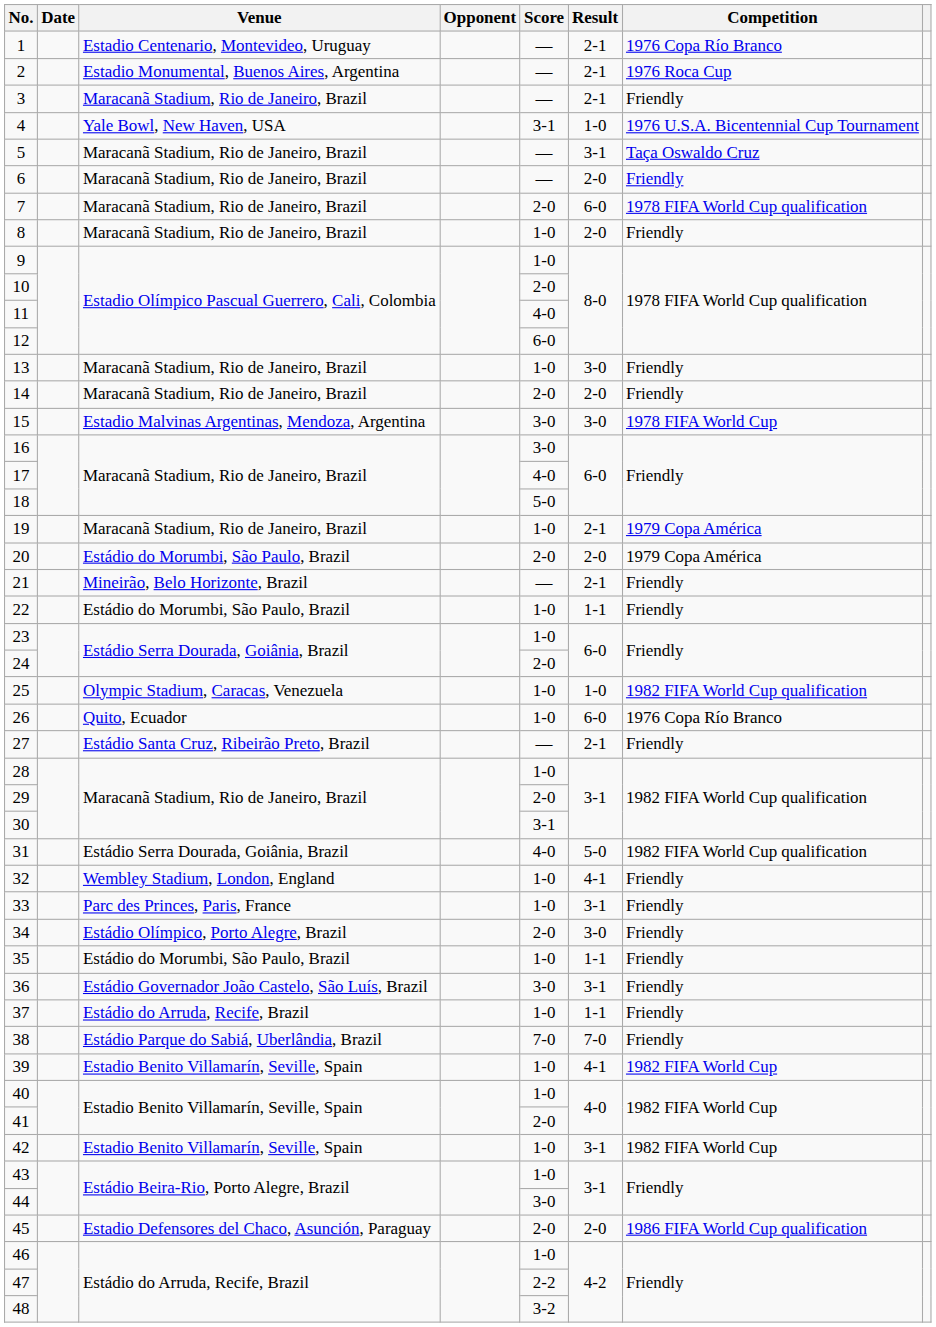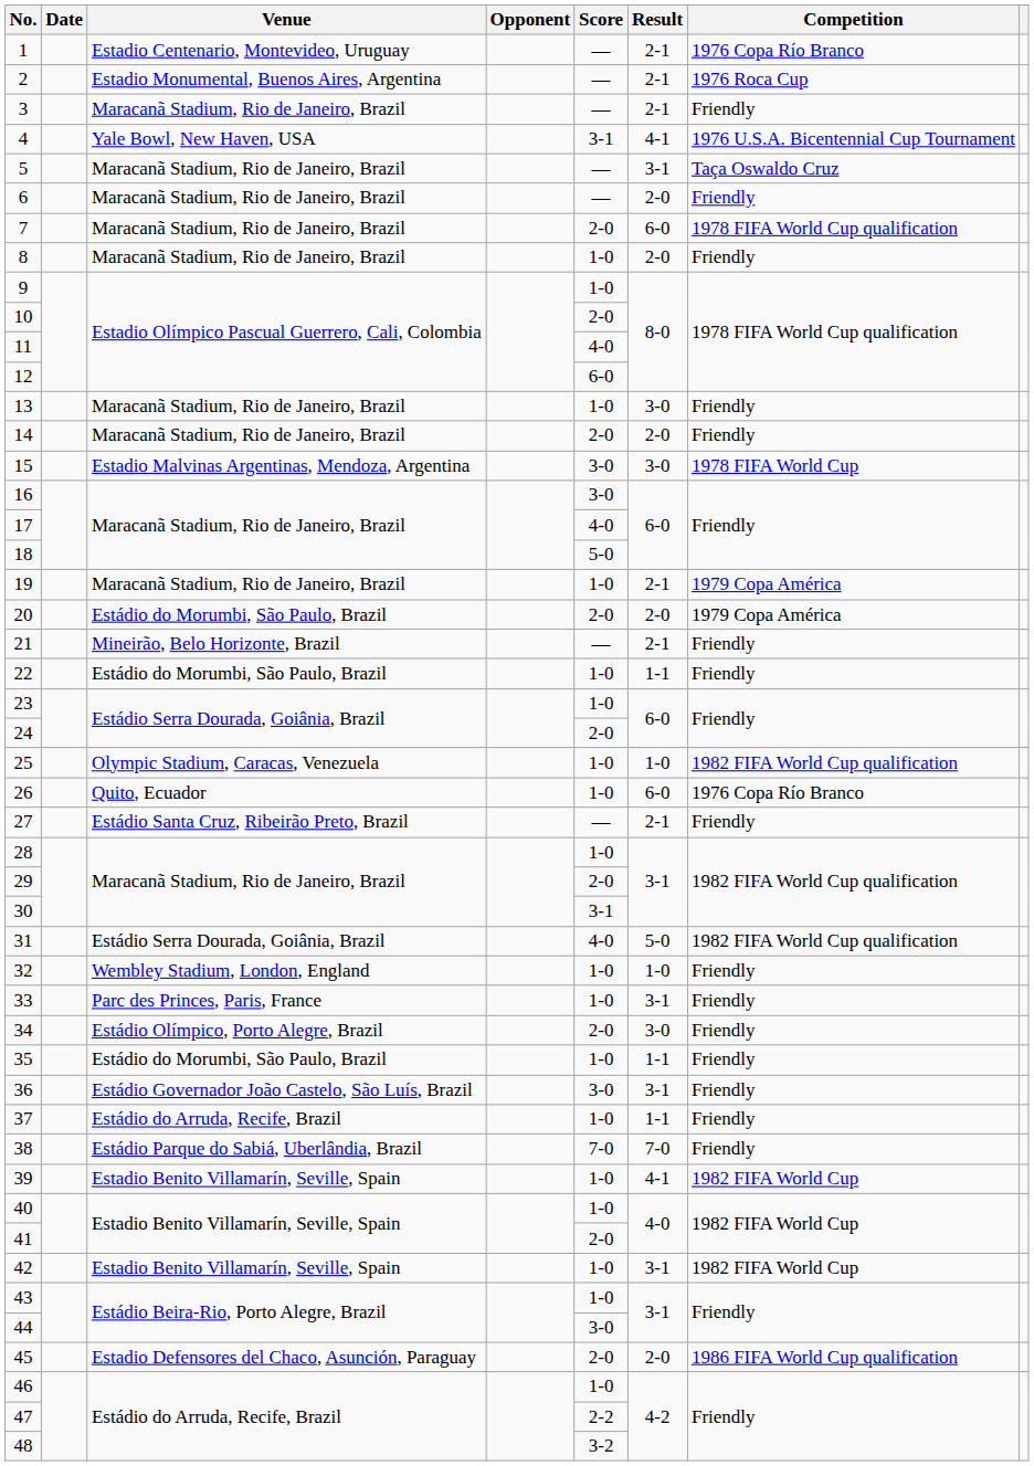 <table class="wikitable sortable">
 <tr>
 <th scope="col">No.</th>
 <th scope="col">Date</th>
 <th scope="col">Venue</th>
 <th scope="col">Opponent</th>
 <th scope="col">Score</th>
 <th scope="col">Result</th>
 <th scope="col">Competition</th>
 <th scope="col" class="unsortable"></th>
 </tr>
 <tr>
 <td style="text-align:center">1</td>
 <td></td>
 <td><a href='#'>Estadio Centenario</a>, <a href='#'>Montevideo</a>, Uruguay</td>
 <td></td>
 <td style="text-align:center">—</td>
 <td style="text-align:center">2-1</td>
 <td><a href='#'>1976 Copa Río Branco</a></td>
 <td></td>
 </tr>
 <tr>
 <td style="text-align:center">2</td>
 <td></td>
 <td><a href='#'>	 Estadio Monumental</a>, <a href='#'>Buenos Aires</a>, Argentina</td>
 <td></td>
 <td style="text-align:center">—</td>
 <td style="text-align:center">2-1</td>
 <td><a href='#'>1976 Roca Cup</a></td>
 <td></td>
 </tr>
 <tr>
 <td style="text-align:center">3</td>
 <td></td>
 <td><a href='#'>Maracanã Stadium</a>, <a href='#'>Rio de Janeiro</a>, Brazil</td>
 <td></td>
 <td style="text-align:center">—</td>
 <td style="text-align:center">2-1</td>
 <td>Friendly</td>
 <td></td>
 </tr>
 <tr>
 <td style="text-align:center">4</td>
 <td></td>
 <td><a href='#'>Yale Bowl</a>, <a href='#'>New Haven</a>, USA</td>
 <td></td>
 <td style="text-align:center">3-1</td>
-<td style="text-align:center">1-0</td>
+<td style="text-align:center">4-1</td>
 <td><a href='#'>1976 U.S.A. Bicentennial Cup Tournament</a></td>
 <td></td>
 </tr>
 <tr>
 <td style="text-align:center">5</td>
 <td></td>
 <td>Maracanã Stadium, Rio de Janeiro, Brazil</td>
 <td></td>
 <td style="text-align:center">—</td>
 <td style="text-align:center">3-1</td>
 <td><a href='#'>Taça Oswaldo Cruz</a></td>
 <td></td>
 </tr>
 <tr>
 <td style="text-align:center">6</td>
 <td></td>
 <td>Maracanã Stadium, Rio de Janeiro, Brazil</td>
 <td></td>
 <td style="text-align:center">—</td>
 <td style="text-align:center">2-0</td>
 <td><a href='#'>Friendly</a></td>
 <td></td>
 </tr>
 <tr>
 <td style="text-align:center">7</td>
 <td></td>
 <td>Maracanã Stadium, Rio de Janeiro, Brazil</td>
 <td></td>
 <td style="text-align:center">2-0</td>
 <td style="text-align:center">6-0</td>
 <td><a href='#'>1978 FIFA World Cup qualification</a></td>
 <td></td>
 </tr>
 <tr>
 <td style="text-align:center">8</td>
 <td></td>
 <td>Maracanã Stadium, Rio de Janeiro, Brazil</td>
 <td></td>
 <td style="text-align:center">1-0</td>
 <td style="text-align:center">2-0</td>
 <td>Friendly</td>
 <td></td>
 </tr>
 <tr>
 <td style="text-align:center">9</td>
 <td rowspan="4"></td>
 <td rowspan="4"><a href='#'>Estadio Olímpico Pascual Guerrero</a>, <a href='#'>Cali</a>, Colombia</td>
 <td rowspan="4"></td>
 <td style="text-align:center">1-0</td>
 <td rowspan="4" style="text-align:center">8-0</td>
 <td rowspan="4">1978 FIFA World Cup qualification</td>
 <td rowspan="4"></td>
 </tr>
 <tr>
 <td style="text-align:center">10</td>
 <td style="text-align:center">2-0</td>
 </tr>
 <tr>
 <td style="text-align:center">11</td>
 <td style="text-align:center">4-0</td>
 </tr>
 <tr>
 <td style="text-align:center">12</td>
 <td style="text-align:center">6-0</td>
 </tr>
 <tr>
 <td style="text-align:center">13</td>
 <td></td>
 <td>Maracanã Stadium, Rio de Janeiro, Brazil</td>
 <td></td>
 <td style="text-align:center">1-0</td>
 <td style="text-align:center">3-0</td>
 <td>Friendly</td>
 <td></td>
 </tr>
 <tr>
 <td style="text-align:center">14</td>
 <td></td>
 <td>Maracanã Stadium, Rio de Janeiro, Brazil</td>
 <td></td>
 <td style="text-align:center">2-0</td>
 <td style="text-align:center">2-0</td>
 <td>Friendly</td>
 <td></td>
 </tr>
 <tr>
 <td style="text-align:center">15</td>
 <td></td>
 <td><a href='#'>Estadio Malvinas Argentinas</a>, <a href='#'>Mendoza</a>, Argentina</td>
 <td></td>
 <td style="text-align:center">3-0</td>
 <td style="text-align:center">3-0</td>
 <td><a href='#'>1978 FIFA World Cup</a></td>
 <td></td>
 </tr>
 <tr>
 <td style="text-align:center">16</td>
 <td rowspan="3"></td>
 <td rowspan="3">Maracanã Stadium, Rio de Janeiro, Brazil</td>
 <td rowspan="3"></td>
 <td style="text-align:center">3-0</td>
 <td rowspan="3" style="text-align:center">6-0</td>
 <td rowspan="3">Friendly</td>
 <td rowspan="3"></td>
 </tr>
 <tr>
 <td style="text-align:center">17</td>
 <td style="text-align:center">4-0</td>
 </tr>
 <tr>
 <td style="text-align:center">18</td>
 <td style="text-align:center">5-0</td>
 </tr>
 <tr>
 <td style="text-align:center">19</td>
 <td></td>
 <td>Maracanã Stadium, Rio de Janeiro, Brazil</td>
 <td></td>
 <td style="text-align:center">1-0</td>
 <td style="text-align:center">2-1</td>
 <td><a href='#'>1979 Copa América</a></td>
 <td></td>
 </tr>
 <tr>
 <td style="text-align:center">20</td>
 <td></td>
 <td><a href='#'>Estádio do Morumbi</a>, <a href='#'>São Paulo</a>, Brazil</td>
 <td></td>
 <td style="text-align:center">2-0</td>
 <td style="text-align:center">2-0</td>
 <td>1979 Copa América</td>
 <td></td>
 </tr>
 <tr>
 <td style="text-align:center">21</td>
 <td></td>
 <td><a href='#'>Mineirão</a>, <a href='#'>Belo Horizonte</a>, Brazil</td>
 <td></td>
 <td style="text-align:center">—</td>
 <td style="text-align:center">2-1</td>
 <td>Friendly</td>
 <td></td>
 </tr>
 <tr>
 <td style="text-align:center">22</td>
 <td></td>
 <td>Estádio do Morumbi, São Paulo, Brazil</td>
 <td></td>
 <td style="text-align:center">1-0</td>
 <td style="text-align:center">1-1</td>
 <td>Friendly</td>
 <td></td>
 </tr>
 <tr>
 <td style="text-align:center">23</td>
 <td rowspan="2"></td>
 <td rowspan="2"><a href='#'>Estádio Serra Dourada</a>, <a href='#'>Goiânia</a>, Brazil</td>
 <td rowspan="2"></td>
 <td style="text-align:center">1-0</td>
 <td rowspan="2" style="text-align:center">6-0</td>
 <td rowspan="2">Friendly</td>
 <td rowspan="2"></td>
 </tr>
 <tr>
 <td style="text-align:center">24</td>
 <td style="text-align:center">2-0</td>
 </tr>
 <tr>
 <td style="text-align:center">25</td>
 <td></td>
 <td><a href='#'>Olympic Stadium</a>, <a href='#'>Caracas</a>, Venezuela</td>
 <td></td>
 <td style="text-align:center">1-0</td>
 <td style="text-align:center">1-0</td>
 <td><a href='#'>1982 FIFA World Cup qualification</a></td>
 <td></td>
 </tr>
 <tr>
 <td style="text-align:center">26</td>
 <td></td>
 <td><a href='#'>Quito</a>, Ecuador</td>
 <td></td>
 <td style="text-align:center">1-0</td>
 <td style="text-align:center">6-0</td>
 <td>1976 Copa Río Branco</td>
 <td></td>
 </tr>
 <tr>
 <td style="text-align:center">27</td>
 <td></td>
 <td><a href='#'>Estádio Santa Cruz</a>, <a href='#'>Ribeirão Preto</a>, Brazil</td>
 <td></td>
 <td style="text-align:center">—</td>
 <td style="text-align:center">2-1</td>
 <td>Friendly</td>
 <td></td>
 </tr>
 <tr>
 <td style="text-align:center">28</td>
 <td rowspan="3"></td>
 <td rowspan="3">Maracanã Stadium, Rio de Janeiro, Brazil</td>
 <td rowspan="3"></td>
 <td style="text-align:center">1-0</td>
 <td rowspan="3" style="text-align:center">3-1</td>
 <td rowspan="3">1982 FIFA World Cup qualification</td>
 <td rowspan="3"></td>
 </tr>
 <tr>
 <td style="text-align:center">29</td>
 <td style="text-align:center">2-0</td>
 </tr>
 <tr>
 <td style="text-align:center">30</td>
 <td style="text-align:center">3-1</td>
 </tr>
 <tr>
 <td style="text-align:center">31</td>
 <td></td>
 <td>Estádio Serra Dourada, Goiânia, Brazil</td>
 <td></td>
 <td style="text-align:center">4-0</td>
 <td style="text-align:center">5-0</td>
 <td>1982 FIFA World Cup qualification</td>
 <td></td>
 </tr>
 <tr>
 <td style="text-align:center">32</td>
 <td></td>
 <td><a href='#'>Wembley Stadium</a>, <a href='#'>London</a>, England</td>
 <td></td>
 <td style="text-align:center">1-0</td>
-<td style="text-align:center">4-1</td>
+<td style="text-align:center">1-0</td>
 <td>Friendly</td>
 <td></td>
 </tr>
 <tr>
 <td style="text-align:center">33</td>
 <td></td>
 <td><a href='#'>Parc des Princes</a>, <a href='#'>Paris</a>, France</td>
 <td></td>
 <td style="text-align:center">1-0</td>
 <td style="text-align:center">3-1</td>
 <td>Friendly</td>
 <td></td>
 </tr>
 <tr>
 <td style="text-align:center">34</td>
 <td></td>
 <td><a href='#'>Estádio Olímpico</a>, <a href='#'>Porto Alegre</a>, Brazil</td>
 <td></td>
 <td style="text-align:center">2-0</td>
 <td style="text-align:center">3-0</td>
 <td>Friendly</td>
 <td></td>
 </tr>
 <tr>
 <td style="text-align:center">35</td>
 <td></td>
 <td>Estádio do Morumbi, São Paulo, Brazil</td>
 <td></td>
 <td style="text-align:center">1-0</td>
 <td style="text-align:center">1-1</td>
 <td>Friendly</td>
 <td></td>
 </tr>
 <tr>
 <td style="text-align:center">36</td>
 <td></td>
 <td><a href='#'>Estádio Governador João Castelo</a>, <a href='#'>São Luís</a>, Brazil</td>
 <td></td>
 <td style="text-align:center">3-0</td>
 <td style="text-align:center">3-1</td>
 <td>Friendly</td>
 <td></td>
 </tr>
 <tr>
 <td style="text-align:center">37</td>
 <td></td>
 <td><a href='#'>Estádio do Arruda</a>, <a href='#'>Recife</a>, Brazil</td>
 <td></td>
 <td style="text-align:center">1-0</td>
 <td style="text-align:center">1-1</td>
 <td>Friendly</td>
 <td></td>
 </tr>
 <tr>
 <td style="text-align:center">38</td>
 <td></td>
 <td><a href='#'>Estádio Parque do Sabiá</a>, <a href='#'>Uberlândia</a>, Brazil</td>
 <td></td>
 <td style="text-align:center">7-0</td>
 <td style="text-align:center">7-0</td>
 <td>Friendly</td>
 <td></td>
 </tr>
 <tr>
 <td style="text-align:center">39</td>
 <td></td>
 <td><a href='#'>Estadio Benito Villamarín</a>, <a href='#'>Seville</a>, Spain</td>
 <td></td>
 <td style="text-align:center">1-0</td>
 <td style="text-align:center">4-1</td>
 <td><a href='#'>1982 FIFA World Cup</a></td>
 <td></td>
 </tr>
 <tr>
 <td style="text-align:center">40</td>
 <td rowspan="2"></td>
 <td rowspan="2">Estadio Benito Villamarín, Seville, Spain</td>
 <td rowspan="2"></td>
 <td style="text-align:center">1-0</td>
 <td rowspan="2" style="text-align:center">4-0</td>
 <td rowspan="2">1982 FIFA World Cup</td>
 <td rowspan="2"></td>
 </tr>
 <tr>
 <td style="text-align:center">41</td>
 <td style="text-align:center">2-0</td>
 </tr>
 <tr>
 <td style="text-align:center">42</td>
 <td></td>
 <td><a href='#'>Estadio Benito Villamarín</a>, <a href='#'>Seville</a>, Spain</td>
 <td></td>
 <td style="text-align:center">1-0</td>
 <td style="text-align:center">3-1</td>
 <td>1982 FIFA World Cup</td>
 <td></td>
 </tr>
 <tr>
 <td style="text-align:center">43</td>
 <td rowspan="2"></td>
 <td rowspan="2"><a href='#'>Estádio Beira-Rio</a>, Porto Alegre, Brazil</td>
 <td rowspan="2"></td>
 <td style="text-align:center">1-0</td>
 <td rowspan="2" style="text-align:center">3-1</td>
 <td rowspan="2">Friendly</td>
 <td rowspan="2"></td>
 </tr>
 <tr>
 <td style="text-align:center">44</td>
 <td style="text-align:center">3-0</td>
 </tr>
 <tr>
 <td style="text-align:center">45</td>
 <td></td>
 <td><a href='#'>Estadio Defensores del Chaco</a>, <a href='#'>Asunción</a>, Paraguay</td>
 <td></td>
 <td style="text-align:center">2-0</td>
 <td style="text-align:center">2-0</td>
 <td><a href='#'>1986 FIFA World Cup qualification</a></td>
 <td></td>
 </tr>
 <tr>
 <td style="text-align:center">46</td>
 <td rowspan="3"></td>
 <td rowspan="3">Estádio do Arruda, Recife, Brazil</td>
 <td rowspan="3"></td>
 <td style="text-align:center">1-0</td>
 <td rowspan="3" style="text-align:center">4-2</td>
 <td rowspan="3">Friendly</td>
 <td rowspan="3"></td>
 </tr>
 <tr>
 <td style="text-align:center">47</td>
 <td style="text-align:center">2-2</td>
 </tr>
 <tr>
 <td style="text-align:center">48</td>
 <td style="text-align:center">3-2</td>
 </tr>
 </table>
